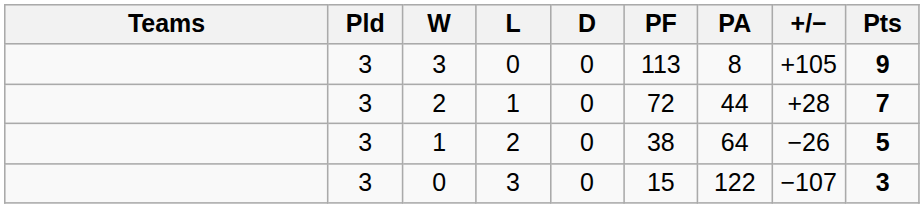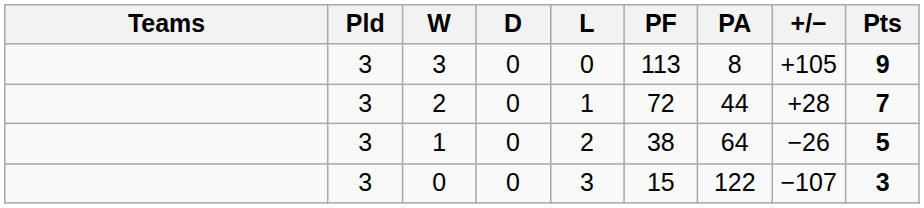 <table class="wikitable" style="text-align:center;">
 <tr>
 <th width="200">Teams</th>
 <th width="40">Pld</th>
 <th width="40">W</th>
+<th width="40">D</th>
 <th width="40">L</th>
-<th width="40">D</th>
 <th width="40">PF</th>
 <th width="40">PA</th>
 <th width="40">+/−</th>
 <th width="40">Pts</th>
 </tr>
 <tr>
 <td align=left></td>
 <td>3</td>
 <td>3</td>
 <td>0</td>
 <td>0</td>
 <td>113</td>
 <td>8</td>
 <td>+105</td>
 <td><strong>9</strong></td>
 </tr>
 <tr>
 <td align=left></td>
 <td>3</td>
 <td>2</td>
+<td>0</td>
 <td>1</td>
-<td>0</td>
 <td>72</td>
 <td>44</td>
 <td>+28</td>
 <td><strong>7</strong></td>
 </tr>
 <tr>
 <td align=left></td>
 <td>3</td>
 <td>1</td>
+<td>0</td>
 <td>2</td>
-<td>0</td>
 <td>38</td>
 <td>64</td>
 <td>−26</td>
 <td><strong>5</strong></td>
 </tr>
 <tr>
 <td align=left></td>
 <td>3</td>
 <td>0</td>
+<td>0</td>
 <td>3</td>
-<td>0</td>
 <td>15</td>
 <td>122</td>
 <td>−107</td>
 <td><strong>3</strong></td>
 </tr>
 </table>
